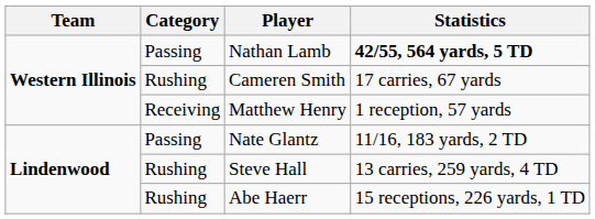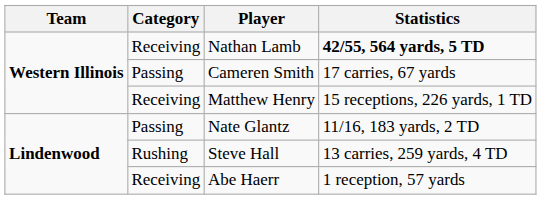 <table class="wikitable" style="float: right;">
 <tr>
 <th>Team</th>
 <th>Category</th>
 <th>Player</th>
 <th>Statistics</th>
 </tr>
 <tr>
 <td rowspan=3><strong>Western Illinois</strong></td>
-<td>Passing</td>
+<td>Receiving</td>
 <td>Nathan Lamb</td>
 <td><strong>42/55, 564 yards, 5 TD</strong></td>
 </tr>
 <tr>
-<td>Rushing</td>
+<td>Passing</td>
 <td>Cameren Smith</td>
 <td>17 carries, 67 yards</td>
 </tr>
 <tr>
 <td>Receiving</td>
 <td>Matthew Henry</td>
-<td>1 reception, 57 yards</td>
+<td>15 receptions, 226 yards, 1 TD</td>
 </tr>
 <tr>
 <td rowspan=3><strong>Lindenwood</strong></td>
 <td>Passing</td>
 <td>Nate Glantz</td>
 <td>11/16, 183 yards, 2 TD</td>
 </tr>
 <tr>
 <td>Rushing</td>
 <td>Steve Hall</td>
 <td>13 carries, 259 yards, 4 TD</td>
 </tr>
 <tr>
-<td>Rushing</td>
+<td>Receiving</td>
 <td>Abe Haerr</td>
-<td>15 receptions, 226 yards, 1 TD</td>
+<td>1 reception, 57 yards</td>
 </tr>
 </table>
